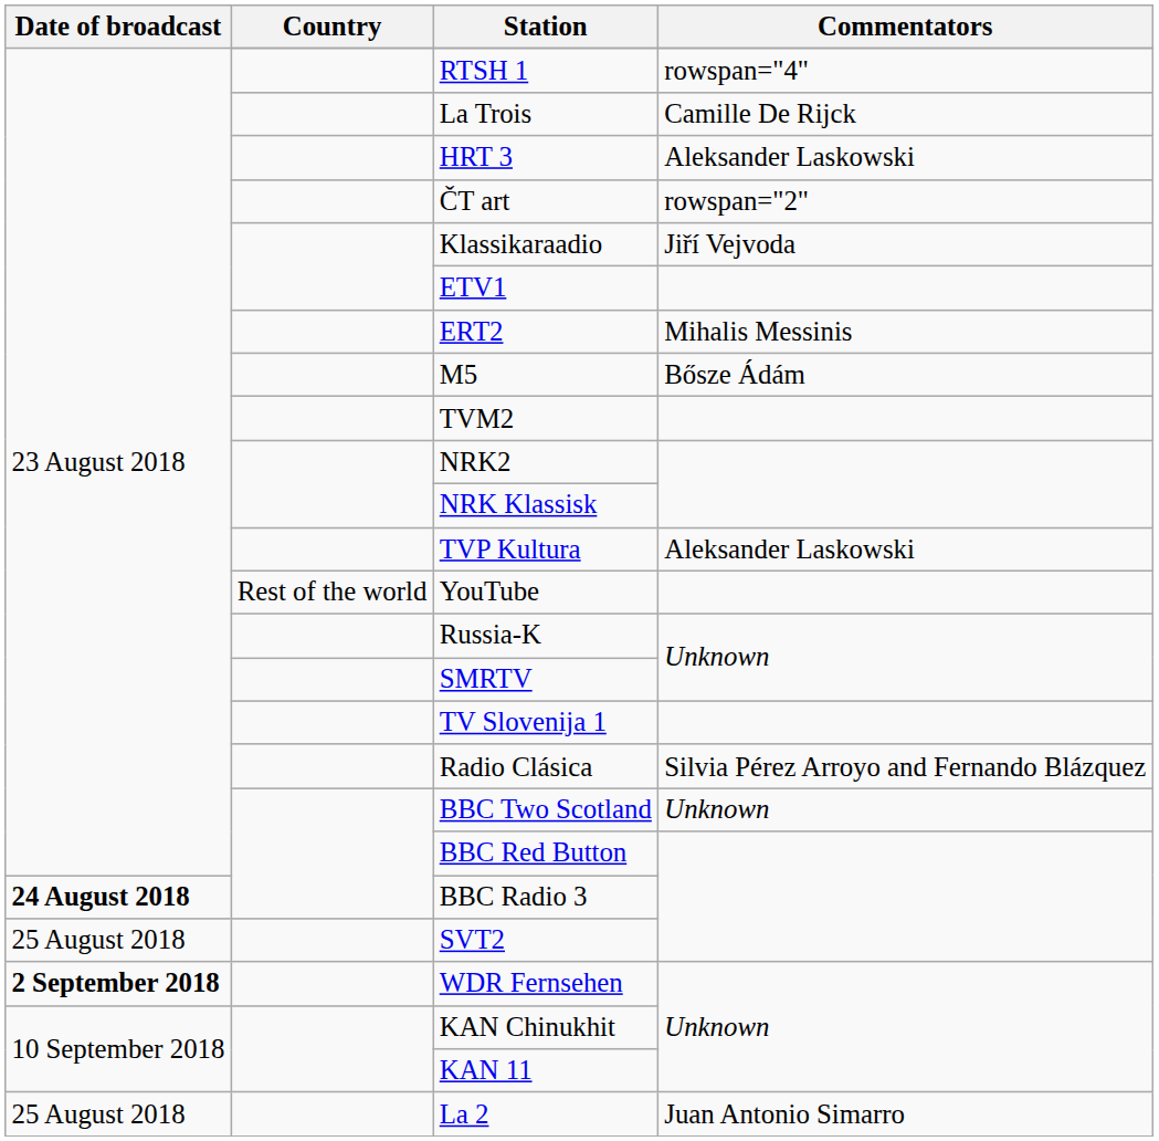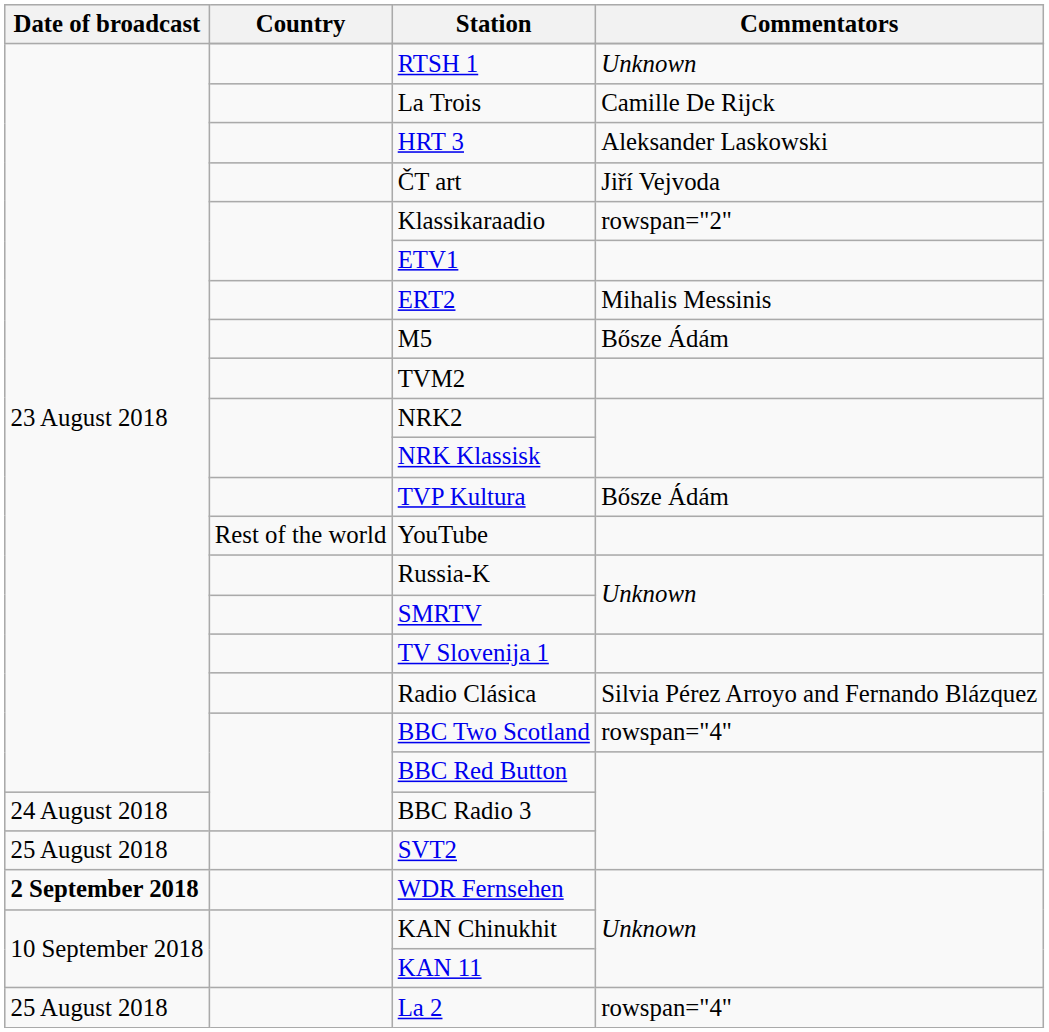 <table class="wikitable sortable">
 <tr>
 <th>Date of broadcast</th>
 <th>Country</th>
 <th>Station</th>
 <th>Commentators</th>
 </tr>
 <tr>
 <td rowspan="20">23 August 2018</td>
 </tr>
 <tr>
 <td></td>
 <td><a href='#'>RTSH 1</a></td>
-<td>rowspan="4" </td>
+<td><em>Unknown</em></td>
 </tr>
 <tr>
 <td></td>
 <td>La Trois</td>
 <td>Camille De Rijck</td>
 </tr>
 <tr>
 <td></td>
 <td><a href='#'>HRT 3</a></td>
 <td>Aleksander Laskowski</td>
 </tr>
 <tr>
 <td></td>
 <td>ČT art</td>
-<td>rowspan="2" </td>
+<td>Jiří Vejvoda</td>
 </tr>
 <tr>
 <td rowspan="2"></td>
 <td>Klassikaraadio</td>
-<td>Jiří Vejvoda</td>
+<td>rowspan="2" </td>
 </tr>
 <tr>
 <td><a href='#'>ETV1</a></td>
 </tr>
 <tr>
 <td></td>
 <td><a href='#'>ERT2</a></td>
 <td>Mihalis Messinis</td>
 </tr>
 <tr>
 <td></td>
 <td>M5</td>
 <td>Bősze Ádám</td>
 </tr>
 <tr>
 <td></td>
 <td>TVM2</td>
 <td></td>
 </tr>
 <tr>
 <td rowspan="2"></td>
 <td>NRK2</td>
 <td rowspan="2"></td>
 </tr>
 <tr>
 <td><a href='#'>NRK Klassisk</a></td>
 </tr>
 <tr>
 <td></td>
 <td><a href='#'>TVP Kultura</a></td>
-<td>Aleksander Laskowski</td>
+<td>Bősze Ádám</td>
 </tr>
 <tr>
 <td> Rest of the world</td>
 <td>YouTube</td>
 <td></td>
 </tr>
 <tr>
 <td></td>
 <td>Russia-K</td>
 <td rowspan="2"><em>Unknown</em></td>
 </tr>
 <tr>
 <td></td>
 <td><a href='#'>SMRTV</a></td>
 </tr>
 <tr>
 <td></td>
 <td><a href='#'>TV Slovenija 1</a></td>
 <td></td>
 </tr>
 <tr>
 <td></td>
 <td>Radio Clásica</td>
 <td>Silvia Pérez Arroyo and Fernando Blázquez</td>
 </tr>
 <tr>
 <td rowspan="3"></td>
 <td><a href='#'>BBC Two Scotland</a></td>
-<td><em>Unknown</em></td>
+<td>rowspan="4" </td>
 </tr>
 <tr>
 <td><a href='#'>BBC Red Button</a></td>
 </tr>
 <tr>
-<td><strong>24 August 2018</strong></td>
+<td>24 August 2018</td>
 <td>BBC Radio 3</td>
 </tr>
 <tr>
 <td>25 August 2018</td>
 <td></td>
 <td><a href='#'>SVT2</a></td>
 </tr>
 <tr>
 <td><strong>2 September 2018</strong></td>
 <td></td>
 <td><a href='#'>WDR Fernsehen</a></td>
 <td rowspan="3"><em>Unknown</em></td>
 </tr>
 <tr>
 <td rowspan="2">10 September 2018</td>
 <td rowspan="2"></td>
 <td>KAN Chinukhit</td>
 </tr>
 <tr>
 <td><a href='#'>KAN 11</a></td>
 </tr>
 <tr>
 <td>25 August 2018</td>
 <td></td>
 <td><a href='#'>La 2</a></td>
-<td>Juan Antonio Simarro</td>
+<td>rowspan="4" </td>
 </tr>
 </table>
